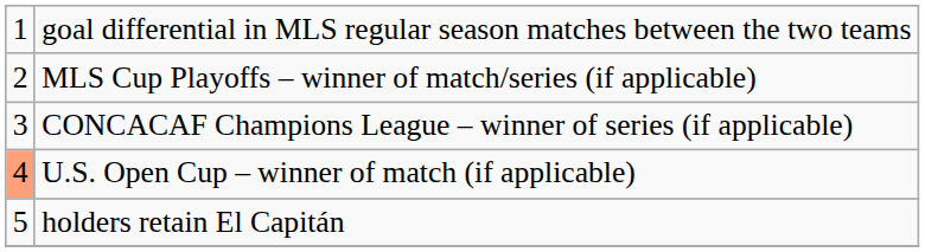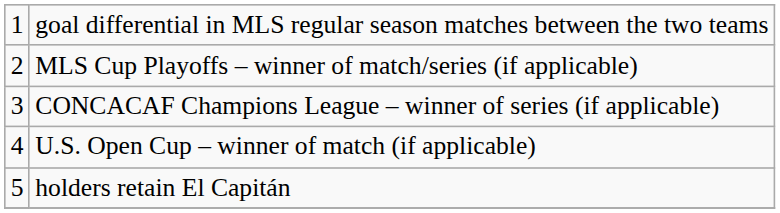 <table class="wikitable" style="text-align: left;">
 <tr>
 <td>1</td>
 <td>goal differential in MLS regular season matches between the two teams</td>
 </tr>
 <tr>
 <td>2</td>
 <td>MLS Cup Playoffs – winner of match/series (if applicable)</td>
 </tr>
 <tr>
 <td>3</td>
 <td>CONCACAF Champions League – winner of series (if applicable)</td>
 </tr>
 <tr>
-<td style="background: lightsalmon;">4</td>
+<td>4</td>
 <td>U.S. Open Cup – winner of match (if applicable)</td>
 </tr>
 <tr>
 <td>5</td>
 <td>holders retain El Capitán</td>
 </tr>
 <tr>
 </tr>
 </table>
